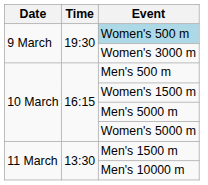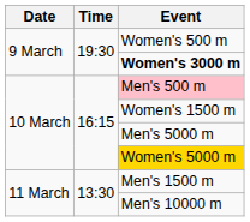 <table class="wikitable">
 <tr>
 <th>Date</th>
 <th>Time</th>
 <th>Event</th>
 </tr>
 <tr>
 <td rowspan=2>9 March</td>
 <td rowspan=2>19:30</td>
-<td style="background: lightblue;">Women's 500 m</td>
+<td>Women's 500 m</td>
 </tr>
 <tr>
-<td>Women's 3000 m</td>
+<td><strong>Women's 3000 m</strong></td>
 </tr>
 <tr>
 <td rowspan=4>10 March</td>
 <td rowspan=4>16:15</td>
-<td>Men's 500 m</td>
+<td style="background: pink;">Men's 500 m</td>
 </tr>
 <tr>
 <td>Women's 1500 m</td>
 </tr>
 <tr>
 <td>Men's 5000 m</td>
 </tr>
 <tr>
-<td>Women's 5000 m</td>
+<td style="background: gold;">Women's 5000 m</td>
 </tr>
 <tr>
 <td rowspan=2>11 March</td>
 <td rowspan=2>13:30</td>
 <td>Men's 1500 m</td>
 </tr>
 <tr>
 <td>Men's 10000 m</td>
 </tr>
 </table>
